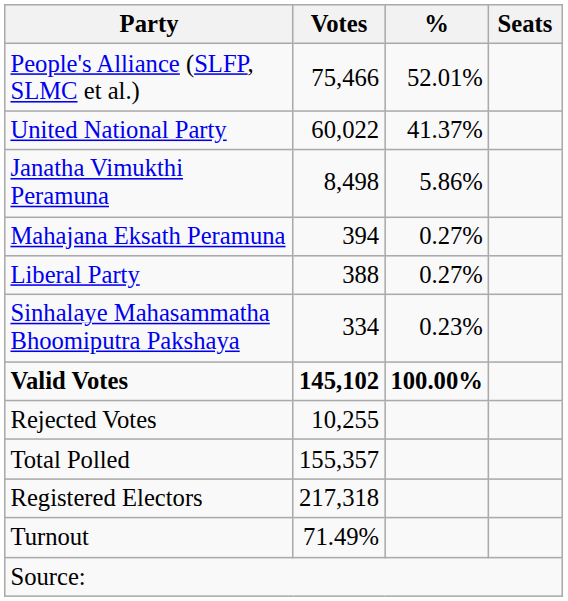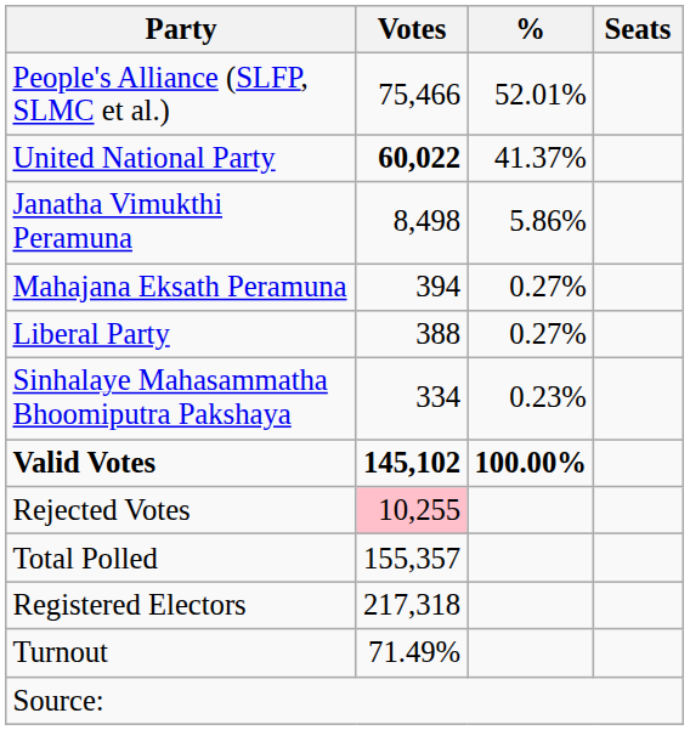 <table class="wikitable" border="1" style="text-align:right;">
 <tr>
 <th align=left width="180">Party</th>
 <th align=center width="50">Votes</th>
 <th align=center width="50">%</th>
 <th align=center width="40">Seats</th>
 </tr>
 <tr>
 <td align=left><a href='#'>People's Alliance</a> (<a href='#'>SLFP</a>, <a href='#'>SLMC</a> et al.)</td>
 <td>75,466</td>
 <td>52.01%</td>
 <td></td>
 </tr>
 <tr>
 <td align=left><a href='#'>United National Party</a></td>
-<td>60,022</td>
+<td><strong>60,022</strong></td>
 <td>41.37%</td>
 <td></td>
 </tr>
 <tr>
 <td align=left><a href='#'>Janatha Vimukthi Peramuna</a></td>
 <td>8,498</td>
 <td>5.86%</td>
 <td></td>
 </tr>
 <tr>
 <td align=left><a href='#'>Mahajana Eksath Peramuna</a></td>
 <td>394</td>
 <td>0.27%</td>
 <td></td>
 </tr>
 <tr>
 <td align=left><a href='#'>Liberal Party</a></td>
 <td>388</td>
 <td>0.27%</td>
 <td></td>
 </tr>
 <tr>
 <td align=left><a href='#'>Sinhalaye Mahasammatha Bhoomiputra Pakshaya</a></td>
 <td>334</td>
 <td>0.23%</td>
 <td></td>
 </tr>
 <tr>
 <td align=left><strong>Valid Votes</strong></td>
 <td><strong>145,102</strong></td>
 <td><strong>100.00%</strong></td>
 <td></td>
 </tr>
 <tr>
 <td align=left>Rejected Votes</td>
-<td>10,255</td>
+<td style="background: pink;">10,255</td>
 <td></td>
 <td></td>
 </tr>
 <tr>
 <td align=left>Total Polled</td>
 <td>155,357</td>
 <td></td>
 <td></td>
 </tr>
 <tr>
 <td align=left>Registered Electors</td>
 <td>217,318</td>
 <td></td>
 <td></td>
 </tr>
 <tr>
 <td align=left>Turnout</td>
 <td>71.49%</td>
 <td></td>
 <td></td>
 </tr>
 <tr>
 <td align=left colspan=4>Source:</td>
 </tr>
 </table>
